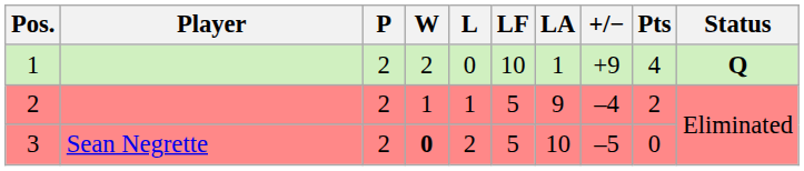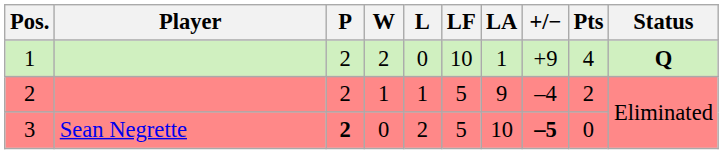 <table class="wikitable" style="text-align:center; margin: 1em auto 1em auto, align:left">
 <tr>
 <th width=20>Pos.</th>
 <th width=185>Player</th>
 <th width=20>P</th>
 <th width=20>W</th>
 <th width=20>L</th>
 <th width=20>LF</th>
 <th width=20>LA</th>
 <th width=25>+/−</th>
 <th width=20>Pts</th>
 <th width=70>Status</th>
 </tr>
 <tr style="background:#D0F0C0;">
 <td>1</td>
 <td align=left></td>
 <td>2</td>
 <td>2</td>
 <td>0</td>
 <td>10</td>
 <td>1</td>
 <td>+9</td>
 <td>4</td>
 <td><strong>Q</strong></td>
 </tr>
 <tr style="background:#FF8888;">
 <td>2</td>
 <td align=left></td>
 <td>2</td>
 <td>1</td>
 <td>1</td>
 <td>5</td>
 <td>9</td>
 <td>–4</td>
 <td>2</td>
 <td rowspan=2>Eliminated</td>
 </tr>
 <tr style="background:#FF8888;">
 <td>3</td>
 <td align=left> <a href='#'>Sean Negrette</a></td>
-<td>2</td>
-<td><strong>0</strong></td>
+<td><strong>2</strong></td>
+<td>0</td>
 <td>2</td>
 <td>5</td>
 <td>10</td>
-<td>–5</td>
+<td><strong>–5</strong></td>
 <td>0</td>
 </tr>
 </table>
